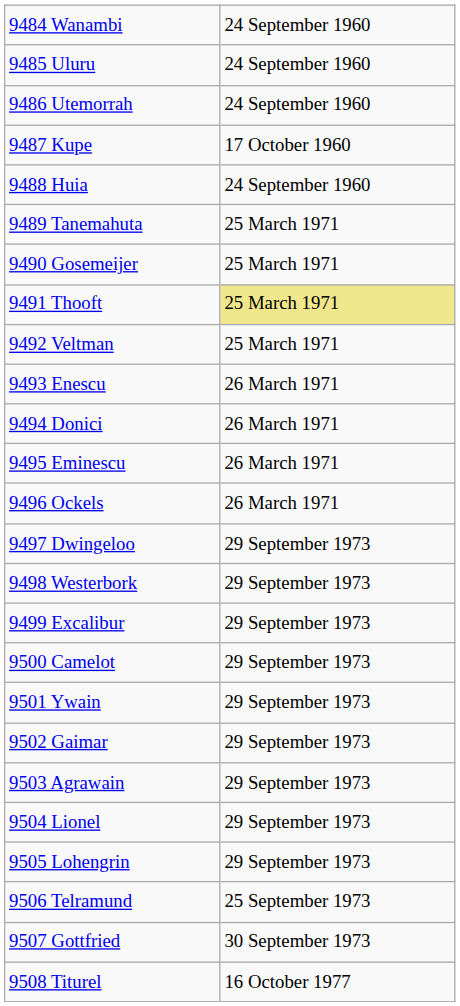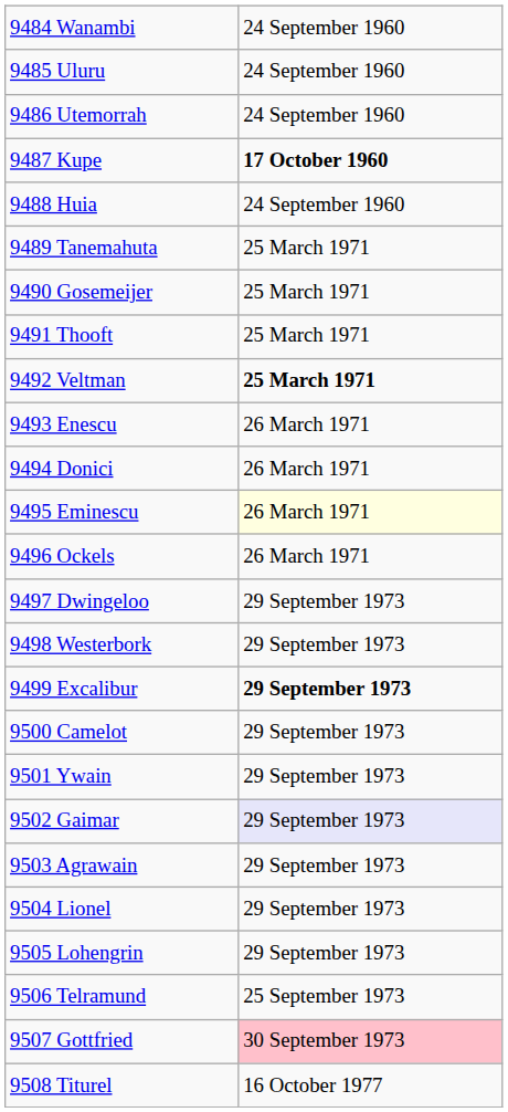 <table class="wikitable" style="font-size: 89%; float: left; width: 24em; margin-right: 1em; line-height: 1.65em">
 <tr>
 <td><a href='#'>9484 Wanambi</a></td>
 <td>24 September 1960</td>
 </tr>
 <tr>
 <td><a href='#'>9485 Uluru</a></td>
 <td>24 September 1960</td>
 </tr>
 <tr>
 <td><a href='#'>9486 Utemorrah</a></td>
 <td>24 September 1960</td>
 </tr>
 <tr>
 <td><a href='#'>9487 Kupe</a></td>
-<td>17 October 1960</td>
+<td><strong>17 October 1960</strong></td>
 </tr>
 <tr>
 <td><a href='#'>9488 Huia</a></td>
 <td>24 September 1960</td>
 </tr>
 <tr>
 <td><a href='#'>9489 Tanemahuta</a></td>
 <td>25 March 1971</td>
 </tr>
 <tr>
 <td><a href='#'>9490 Gosemeijer</a></td>
 <td>25 March 1971</td>
 </tr>
 <tr>
 <td><a href='#'>9491 Thooft</a></td>
-<td style="background: khaki;">25 March 1971</td>
+<td>25 March 1971</td>
 </tr>
 <tr>
 <td><a href='#'>9492 Veltman</a></td>
-<td>25 March 1971</td>
+<td><strong>25 March 1971</strong></td>
 </tr>
 <tr>
 <td><a href='#'>9493 Enescu</a></td>
 <td>26 March 1971</td>
 </tr>
 <tr>
 <td><a href='#'>9494 Donici</a></td>
 <td>26 March 1971</td>
 </tr>
 <tr>
 <td><a href='#'>9495 Eminescu</a></td>
-<td>26 March 1971</td>
+<td style="background: lightyellow;">26 March 1971</td>
 </tr>
 <tr>
 <td><a href='#'>9496 Ockels</a></td>
 <td>26 March 1971</td>
 </tr>
 <tr>
 <td><a href='#'>9497 Dwingeloo</a></td>
 <td>29 September 1973</td>
 </tr>
 <tr>
 <td><a href='#'>9498 Westerbork</a></td>
 <td>29 September 1973</td>
 </tr>
 <tr>
 <td><a href='#'>9499 Excalibur</a></td>
-<td>29 September 1973</td>
+<td><strong>29 September 1973</strong></td>
 </tr>
 <tr>
 <td><a href='#'>9500 Camelot</a></td>
 <td>29 September 1973</td>
 </tr>
 <tr>
 <td><a href='#'>9501 Ywain</a></td>
 <td>29 September 1973</td>
 </tr>
 <tr>
 <td><a href='#'>9502 Gaimar</a></td>
-<td>29 September 1973</td>
+<td style="background: lavender;">29 September 1973</td>
 </tr>
 <tr>
 <td><a href='#'>9503 Agrawain</a></td>
 <td>29 September 1973</td>
 </tr>
 <tr>
 <td><a href='#'>9504 Lionel</a></td>
 <td>29 September 1973</td>
 </tr>
 <tr>
 <td><a href='#'>9505 Lohengrin</a></td>
 <td>29 September 1973</td>
 </tr>
 <tr>
 <td><a href='#'>9506 Telramund</a></td>
 <td>25 September 1973</td>
 </tr>
 <tr>
 <td><a href='#'>9507 Gottfried</a></td>
-<td>30 September 1973</td>
+<td style="background: pink;">30 September 1973</td>
 </tr>
 <tr>
 <td><a href='#'>9508 Titurel</a></td>
 <td>16 October 1977</td>
 </tr>
 </table>
